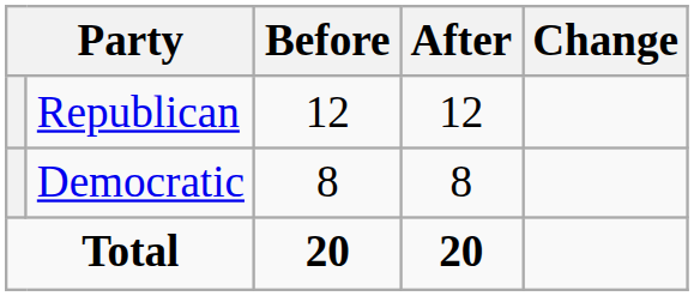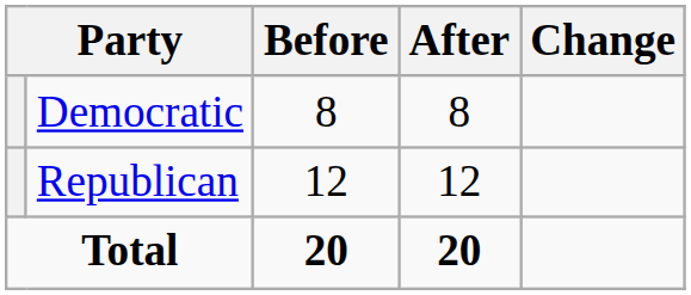 <table class="wikitable" style="text-align:center;">
 <tr>
 <th colspan="2">Party</th>
 <th>Before</th>
 <th>After</th>
 <th>Change</th>
 </tr>
 <tr>
 <th style="background-color:"></th>
-<td style="text-align:left;"><a href='#'>Republican</a></td>
-<td>12</td>
-<td>12</td>
+<td style="text-align:left;"><a href='#'>Democratic</a></td>
+<td>8</td>
+<td>8</td>
 <td></td>
 </tr>
 <tr>
 <th style="background-color:"></th>
-<td style="text-align:left;"><a href='#'>Democratic</a></td>
-<td>8</td>
-<td>8</td>
+<td style="text-align:left;"><a href='#'>Republican</a></td>
+<td>12</td>
+<td>12</td>
 <td></td>
 </tr>
 <tr>
 <td colspan="2"><strong>Total</strong></td>
 <td><strong>20</strong></td>
 <td><strong>20</strong></td>
 <td></td>
 </tr>
 </table>
